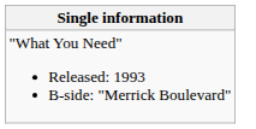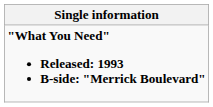 <table class="wikitable">
 <tr>
 <th>Single information</th>
 </tr>
 <tr>
-<td align="left">"What You Need"<br><ul><li>Released: 1993</li><li>B-side: "Merrick Boulevard"</li></ul></td>
+<td align="left"><strong>"What You Need"<br><ul><li>Released: 1993</li><li>B-side: "Merrick Boulevard"</li></ul></strong></td>
 </tr>
 </table>
